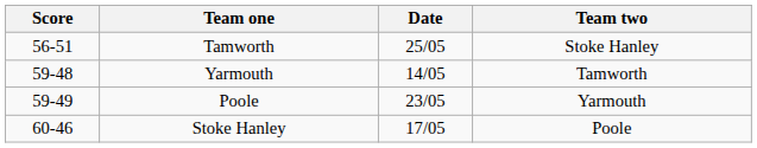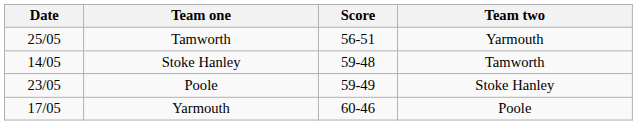 <table class="wikitable" style="text-align: center">
 <tr>
+<th width=80>Date</th>
+<th width=250>Team one</th>
 <th width=80>Score</th>
-<th width=250>Team one</th>
-<th width=80>Date</th>
 <th width=250>Team two</th>
 </tr>
 <tr>
+<td>25/05</td>
+<td>Tamworth</td>
 <td>56-51</td>
+<td>Yarmouth</td>
+</tr>
+<tr>
+<td>14/05</td>
+<td>Stoke Hanley</td>
+<td>59-48</td>
 <td>Tamworth</td>
-<td>25/05</td>
+</tr>
+<tr>
+<td>23/05</td>
+<td>Poole</td>
+<td>59-49</td>
 <td>Stoke Hanley</td>
 </tr>
 <tr>
-<td>59-48</td>
+<td>17/05</td>
 <td>Yarmouth</td>
-<td>14/05</td>
-<td>Tamworth</td>
-</tr>
-<tr>
-<td>59-49</td>
-<td>Poole</td>
-<td>23/05</td>
-<td>Yarmouth</td>
-</tr>
-<tr>
 <td>60-46</td>
-<td>Stoke Hanley</td>
-<td>17/05</td>
 <td>Poole</td>
 </tr>
 </table>
